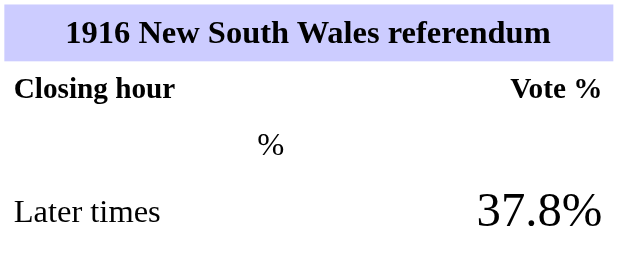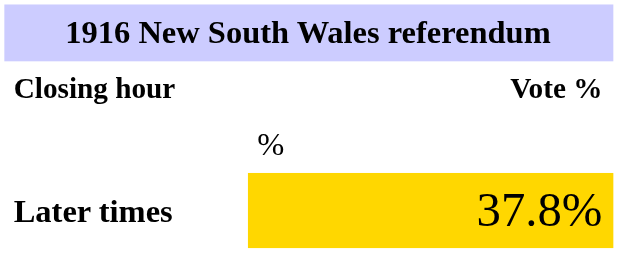 <table class="toccolours" align="right" cellpadding="5" cellspacing="0" style="margin: .4em;" width="300">
 <tr>
 <td colspan=5 align=center></td>
 </tr>
 <tr bgcolor="#ccccff">
 <td colspan="5" align="center"><strong>1916 New South Wales referendum</strong></td>
 </tr>
 <tr style="font-size: 90%;">
 <th align="left" width="40%">Closing hour</th>
 <th align="right" width= "60%" colspan="2">Vote %</th>
 </tr>
 <tr>
 <td></td>
 <td>%</td>
 </tr>
 <tr>
-<td>Later times</td>
-<td align="right" style="font-size: 150%">37.8%</td>
+<td><strong>Later times</strong></td>
+<td align="right" style="background: gold; font-size: 150%">37.8%</td>
 </tr>
 </table>
